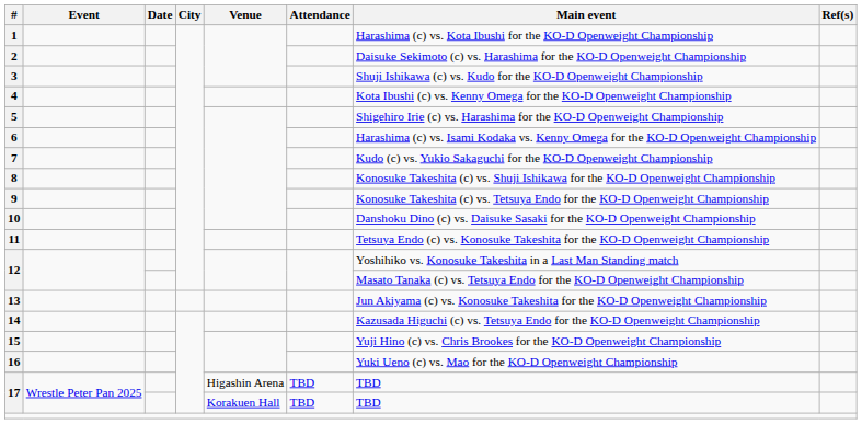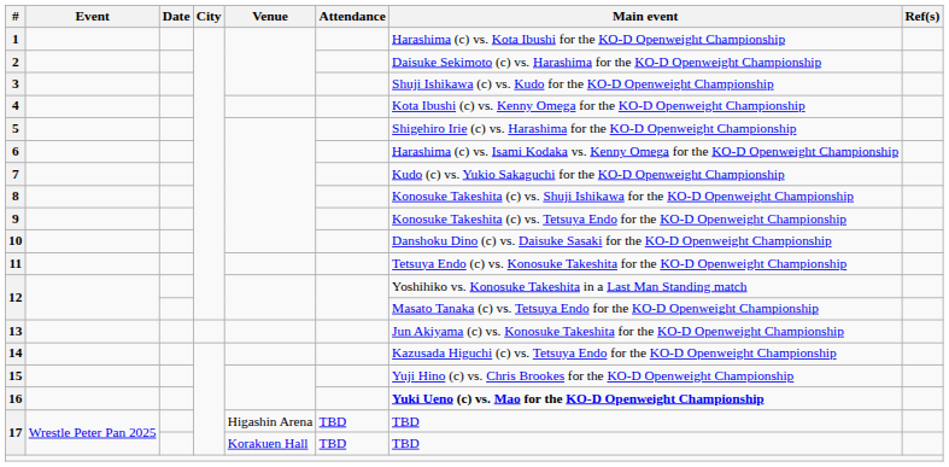 <table class="wikitable sortable" style="font-size:85%; align="center">
 <tr>
 <th>#</th>
 <th>Event</th>
 <th>Date</th>
 <th>City</th>
 <th>Venue</th>
 <th>Attendance</th>
 <th>Main event</th>
 <th>Ref(s)</th>
 </tr>
 <tr>
 <th>1</th>
 <td></td>
 <td></td>
 <td rowspan="13"></td>
 <td rowspan="3"></td>
 <td></td>
 <td align="left"><a href='#'>Harashima</a> (c) vs. <a href='#'>Kota Ibushi</a> for the <a href='#'>KO-D Openweight Championship</a></td>
 <td></td>
 </tr>
 <tr>
 <th>2</th>
 <td></td>
 <td></td>
 <td></td>
 <td align="left"><a href='#'>Daisuke Sekimoto</a> (c) vs. <a href='#'>Harashima</a> for the <a href='#'>KO-D Openweight Championship</a></td>
 <td></td>
 </tr>
 <tr>
 <th>3</th>
 <td></td>
 <td></td>
 <td></td>
 <td align="left"><a href='#'>Shuji Ishikawa</a> (c) vs. <a href='#'>Kudo</a> for the <a href='#'>KO-D Openweight Championship</a></td>
 <td></td>
 </tr>
 <tr>
 <th>4</th>
 <td></td>
 <td></td>
 <td></td>
 <td></td>
 <td align="left"><a href='#'>Kota Ibushi</a> (c) vs. <a href='#'>Kenny Omega</a> for the <a href='#'>KO-D Openweight Championship</a></td>
 <td></td>
 </tr>
 <tr>
 <th>5</th>
 <td style="white-space:nowrap;"></td>
 <td></td>
 <td rowspan="6"></td>
 <td></td>
 <td align="left"><a href='#'>Shigehiro Irie</a> (c) vs. <a href='#'>Harashima</a> for the <a href='#'>KO-D Openweight Championship</a></td>
 <td></td>
 </tr>
 <tr>
 <th>6</th>
 <td></td>
 <td></td>
 <td></td>
 <td align="left"><a href='#'>Harashima</a> (c) vs. <a href='#'>Isami Kodaka</a> vs. <a href='#'>Kenny Omega</a> for the <a href='#'>KO-D Openweight Championship</a></td>
 <td></td>
 </tr>
 <tr>
 <th>7</th>
 <td></td>
 <td></td>
 <td></td>
 <td align="left"><a href='#'>Kudo</a> (c) vs. <a href='#'>Yukio Sakaguchi</a> for the <a href='#'>KO-D Openweight Championship</a></td>
 <td></td>
 </tr>
 <tr>
 <th>8</th>
 <td></td>
 <td></td>
 <td></td>
 <td align="left"><a href='#'>Konosuke Takeshita</a> (c) vs. <a href='#'>Shuji Ishikawa</a> for the <a href='#'>KO-D Openweight Championship</a></td>
 <td></td>
 </tr>
 <tr>
 <th>9</th>
 <td></td>
 <td></td>
 <td></td>
 <td align="left"><a href='#'>Konosuke Takeshita</a> (c) vs. <a href='#'>Tetsuya Endo</a> for the <a href='#'>KO-D Openweight Championship</a></td>
 <td></td>
 </tr>
 <tr>
 <th>10</th>
 <td></td>
 <td style="white-space:nowrap;"></td>
 <td></td>
 <td align="left"><a href='#'>Danshoku Dino</a> (c) vs. <a href='#'>Daisuke Sasaki</a> for the <a href='#'>KO-D Openweight Championship</a></td>
 <td></td>
 </tr>
 <tr>
 <th>11</th>
 <td></td>
 <td></td>
 <td style="white-space:nowrap;"></td>
 <td></td>
 <td align="left"><a href='#'>Tetsuya Endo</a> (c) vs. <a href='#'>Konosuke Takeshita</a> for the <a href='#'>KO-D Openweight Championship</a></td>
 <td></td>
 </tr>
 <tr>
 <th rowspan="2">12</th>
 <td rowspan="2"></td>
 <td></td>
 <td rowspan="2"></td>
 <td rowspan="2"></td>
 <td align="left">Yoshihiko vs. <a href='#'>Konosuke Takeshita</a> in a <a href='#'>Last Man Standing match</a></td>
 <td></td>
 </tr>
 <tr>
 <td></td>
 <td align="left"><a href='#'>Masato Tanaka</a> (c) vs. <a href='#'>Tetsuya Endo</a> for the <a href='#'>KO-D Openweight Championship</a></td>
 <td></td>
 </tr>
 <tr>
 <th>13</th>
 <td></td>
 <td></td>
 <td></td>
 <td></td>
 <td></td>
 <td align="left"><a href='#'>Jun Akiyama</a> (c) vs. <a href='#'>Konosuke Takeshita</a> for the <a href='#'>KO-D Openweight Championship</a></td>
 <td></td>
 </tr>
 <tr>
 <th>14</th>
 <td></td>
 <td></td>
 <td rowspan="5"></td>
 <td></td>
 <td></td>
 <td align="left"><a href='#'>Kazusada Higuchi</a> (c) vs. <a href='#'>Tetsuya Endo</a> for the <a href='#'>KO-D Openweight Championship</a></td>
 <td></td>
 </tr>
 <tr>
 <th>15</th>
 <td></td>
 <td></td>
 <td rowspan="2"></td>
 <td></td>
 <td align="left"><a href='#'>Yuji Hino</a> (c) vs. <a href='#'>Chris Brookes</a> for the <a href='#'>KO-D Openweight Championship</a></td>
 <td></td>
 </tr>
 <tr>
 <th>16</th>
 <td></td>
 <td></td>
 <td></td>
-<td align="left"><a href='#'>Yuki Ueno</a> (c) vs. <a href='#'>Mao</a> for the <a href='#'>KO-D Openweight Championship</a></td>
+<td align="left"><strong><a href='#'>Yuki Ueno</a> (c) vs. <a href='#'>Mao</a> for the <a href='#'>KO-D Openweight Championship</a></strong></td>
 <td></td>
 </tr>
 <tr>
 <th rowspan="2">17</th>
 <td rowspan="2"><a href='#'>Wrestle Peter Pan 2025</a></td>
 <td></td>
 <td>Higashin Arena</td>
 <td><a href='#'>TBD</a></td>
 <td align="left"><a href='#'>TBD</a></td>
 <td></td>
 </tr>
 <tr>
 <td></td>
 <td><a href='#'>Korakuen Hall</a></td>
 <td><a href='#'>TBD</a></td>
 <td align="left"><a href='#'>TBD</a></td>
 <td></td>
 </tr>
 <tr>
 <td colspan="8"></td>
 </tr>
 </table>
